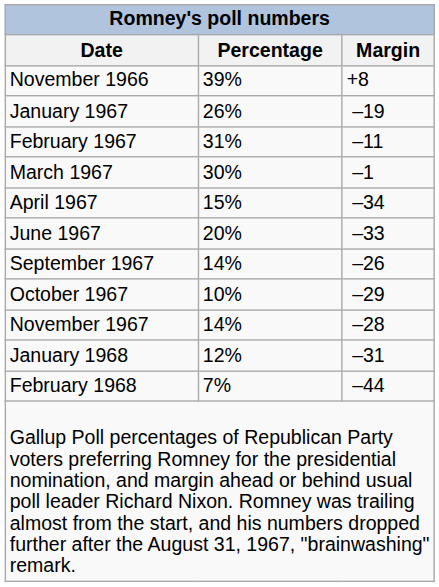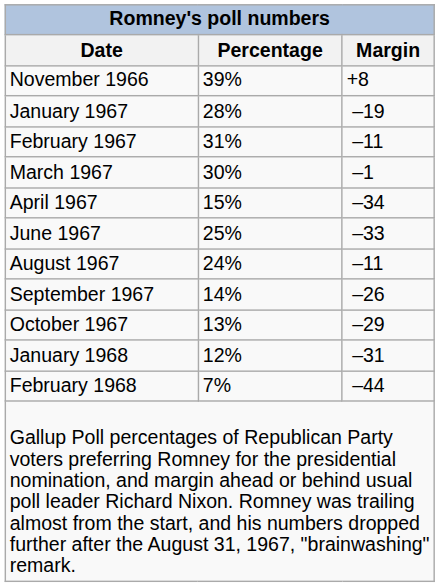 <table class="wikitable" style="text-align:left; float:right; font-size:86%; margin: .33em 0 0 .4em;">
 <tr>
 <th style="background:#B0C4DE" colspan="3"><span>Romney's poll numbers</span></th>
 </tr>
 <tr>
 <th style="width:100px;">Date</th>
 <th style="width:50px; white-space:nowrap;">Percentage</th>
 <th style="width:45px; white-space:nowrap;">Margin</th>
 </tr>
 <tr>
 <td>November 1966</td>
 <td>39%</td>
 <td>+8</td>
 </tr>
 <tr>
 <td>January 1967</td>
-<td>26%</td>
+<td>28%</td>
 <td> –19</td>
 </tr>
 <tr>
 <td>February 1967</td>
 <td>31%</td>
 <td> –11</td>
 </tr>
 <tr>
 <td>March 1967</td>
 <td>30%</td>
 <td> –1</td>
 </tr>
 <tr>
 <td>April 1967</td>
 <td>15%</td>
 <td> –34</td>
 </tr>
 <tr>
 <td>June 1967</td>
-<td>20%</td>
+<td>25%</td>
 <td> –33</td>
+</tr>
+<tr>
+<td>August 1967</td>
+<td>24%</td>
+<td> –11</td>
 </tr>
 <tr>
 <td style=white-space:nowrap>September 1967</td>
 <td>14%</td>
 <td> –26</td>
 </tr>
 <tr>
 <td>October 1967</td>
-<td>10%</td>
+<td>13%</td>
 <td> –29</td>
-</tr>
-<tr>
-<td>November 1967</td>
-<td>14%</td>
-<td> –28</td>
 </tr>
 <tr>
 <td>January 1968</td>
 <td>12%</td>
 <td> –31</td>
 </tr>
 <tr>
 <td>February 1968</td>
 <td>7%</td>
 <td> –44</td>
 </tr>
 <tr>
 <td colspan="3" style="text-align:left; white-space:nowrap;"><br>Gallup Poll percentages of Republican Party<br> voters preferring Romney for the presidential<br> nomination, and margin ahead or behind usual<br> poll leader Richard Nixon. Romney was trailing<br> almost from the start, and his numbers dropped<br> further after the August 31, 1967, "brainwashing"<br> remark.</td>
 </tr>
 </table>
